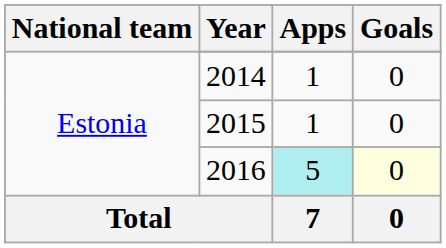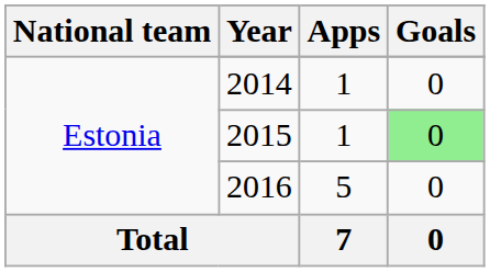 <table class="wikitable" style="text-align:center;">
 <tr>
 <th>National team</th>
 <th>Year</th>
 <th>Apps</th>
 <th>Goals</th>
 </tr>
 <tr>
 <td rowspan="4"><a href='#'>Estonia</a></td>
 </tr>
 <tr>
 <td>2014</td>
 <td>1</td>
 <td>0</td>
 </tr>
 <tr>
 <td>2015</td>
 <td>1</td>
-<td>0</td>
+<td style="background: lightgreen;">0</td>
 </tr>
 <tr>
 <td>2016</td>
-<td style="background: paleturquoise;">5</td>
-<td style="background: lightyellow;">0</td>
+<td>5</td>
+<td>0</td>
 </tr>
 <tr>
 <th colspan="2">Total</th>
 <th>7</th>
 <th>0</th>
 </tr>
 </table>
